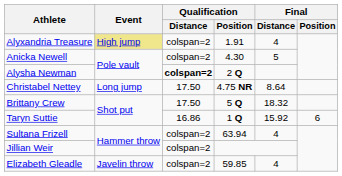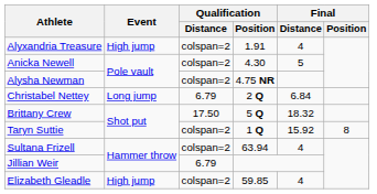 <table class=wikitable style="font-size:90%">
 <tr>
 <th rowspan=2>Athlete</th>
 <th rowspan=2>Event</th>
 <th colspan=2>Qualification</th>
 <th colspan=2>Final</th>
 </tr>
 <tr style="font-size:95%">
 <th>Distance</th>
 <th>Position</th>
 <th>Distance</th>
 <th>Position</th>
 </tr>
 <tr align=center>
 <td align=left><a href='#'>Alyxandria Treasure</a></td>
-<td align=left style="background: khaki;"><a href='#'>High jump</a></td>
+<td align=left><a href='#'>High jump</a></td>
 <td>colspan=2 </td>
 <td>1.91</td>
 <td>4</td>
 </tr>
 <tr align=center>
 <td align=left><a href='#'>Anicka Newell</a></td>
 <td align=left rowspan=2><a href='#'>Pole vault</a></td>
 <td>colspan=2 </td>
 <td>4.30</td>
 <td>5</td>
 </tr>
 <tr align=center>
 <td align=left><a href='#'>Alysha Newman</a></td>
-<td><strong>colspan=2 </strong></td>
-<td>2 <strong>Q</strong></td>
+<td>colspan=2 </td>
+<td>4.75 <strong>NR</strong></td>
 <td></td>
 </tr>
 <tr align=center>
 <td align=left><a href='#'>Christabel Nettey</a></td>
 <td align=left><a href='#'>Long jump</a></td>
-<td>17.50</td>
-<td>4.75 <strong>NR</strong></td>
-<td>8.64</td>
+<td>6.79</td>
+<td>2 <strong>Q</strong></td>
+<td>6.84</td>
 <td></td>
 </tr>
 <tr align=center>
 <td align=left><a href='#'>Brittany Crew</a></td>
 <td align=left rowspan=2><a href='#'>Shot put</a></td>
 <td>17.50</td>
 <td>5 <strong>Q</strong></td>
 <td>18.32</td>
 <td></td>
 </tr>
 <tr align=center>
 <td align=left><a href='#'>Taryn Suttie</a></td>
-<td>16.86</td>
+<td>colspan=2 </td>
 <td>1 <strong>Q</strong></td>
 <td>15.92</td>
-<td>6</td>
+<td>8</td>
 </tr>
 <tr align=center>
 <td align=left><a href='#'>Sultana Frizell</a></td>
 <td align=left rowspan=2><a href='#'>Hammer throw</a></td>
 <td>colspan=2 </td>
 <td>63.94</td>
 <td>4</td>
 </tr>
 <tr align=center>
 <td align=left><a href='#'>Jillian Weir</a></td>
-<td>colspan=2 </td>
+<td>6.79</td>
 <td colspan=2></td>
 </tr>
 <tr align=center>
 <td align=left><a href='#'>Elizabeth Gleadle</a></td>
-<td align=left><a href='#'>Javelin throw</a></td>
+<td align=left><a href='#'>High jump</a></td>
 <td>colspan=2 </td>
 <td>59.85</td>
 <td>4</td>
 </tr>
 </table>
